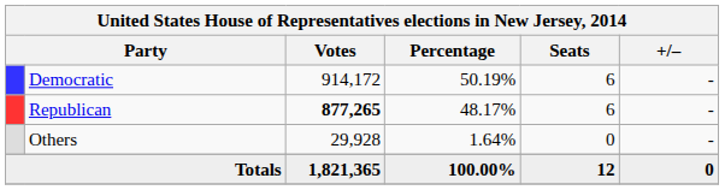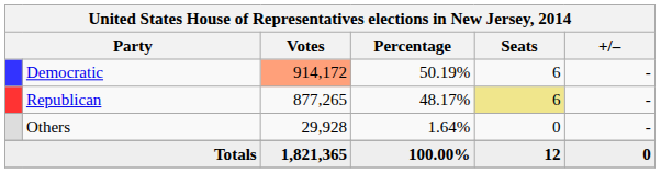 <table class="wikitable" style="font-size: 95%;">
 <tr>
 <th colspan="6">United States House of Representatives elections in New Jersey, 2014</th>
 </tr>
 <tr>
 <th colspan=2 style="width: 15em">Party</th>
 <th style="width: 5em">Votes</th>
 <th style="width: 7em">Percentage</th>
 <th style="width: 5em">Seats</th>
 <th style="width: 5em">+/–</th>
 </tr>
 <tr>
 <th style="background-color:#3333FF; width: 3px"></th>
 <td style="width: 130px"><a href='#'>Democratic</a></td>
-<td align="right">914,172</td>
+<td align="right" style="background: lightsalmon;">914,172</td>
 <td align="right">50.19%</td>
 <td align="right">6</td>
 <td align="right">-</td>
 </tr>
 <tr>
 <th style="background-color:#FF3333; width: 3px"></th>
 <td style="width: 130px"><a href='#'>Republican</a></td>
-<td align="right"><strong>877,265</strong></td>
+<td align="right">877,265</td>
 <td align="right">48.17%</td>
-<td align="right">6</td>
+<td align="right" style="background: khaki;">6</td>
 <td align="right">-</td>
 </tr>
 <tr>
 <th style="background-color:#DDDDDD; width: 3px"></th>
 <td style="width: 130px">Others</td>
 <td align="right">29,928</td>
 <td align="right">1.64%</td>
 <td align="right">0</td>
 <td align="right">-</td>
 </tr>
 <tr>
 </tr>
 <tr bgcolor="#EEEEEE">
 <td colspan="2" align="right"><strong>Totals</strong></td>
 <td align="right"><strong>1,821,365</strong></td>
 <td align="right"><strong>100.00%</strong></td>
 <td align="right"><strong>12</strong></td>
 <td align="right"><strong>0</strong></td>
 </tr>
 <tr bgcolor="#EEEEEE">
 </tr>
 </table>
